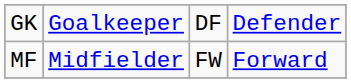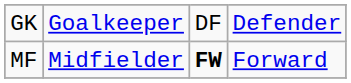 <table class="wikitable">
 <tr>
 <td>GK</td>
 <td><a href='#'>Goalkeeper</a></td>
 <td>DF</td>
 <td><a href='#'>Defender</a></td>
 </tr>
 <tr>
 <td>MF</td>
 <td><a href='#'>Midfielder</a></td>
-<td>FW</td>
+<td><strong>FW</strong></td>
 <td><a href='#'>Forward</a></td>
 </tr>
 </table>
